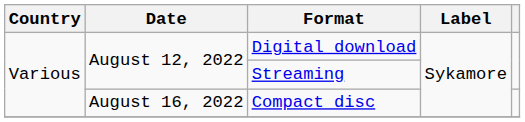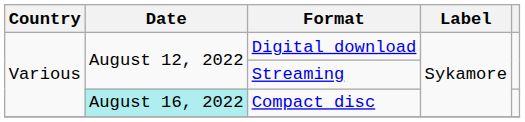 <table class="wikitable">
 <tr>
 <th>Country</th>
 <th>Date</th>
 <th>Format</th>
 <th>Label</th>
 <th></th>
 </tr>
 <tr>
 <td rowspan="3">Various</td>
 <td rowspan="2">August 12, 2022</td>
 <td><a href='#'>Digital download</a></td>
 <td rowspan="3">Sykamore</td>
 <td rowspan="2"></td>
 </tr>
 <tr>
 <td><a href='#'>Streaming</a></td>
 </tr>
 <tr>
-<td>August 16, 2022</td>
+<td style="background: paleturquoise;">August 16, 2022</td>
 <td><a href='#'>Compact disc</a></td>
 <td></td>
 </tr>
 <tr>
 </tr>
 </table>
